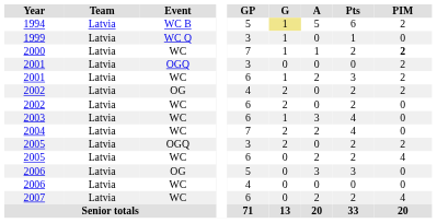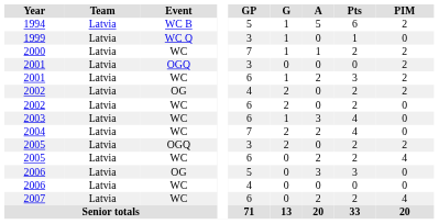 <table border="0" cellpadding="1" cellspacing="0" style="text-align:center; width:40em">
 <tr ALIGN="center" bgcolor="#e0e0e0">
 <th>Year</th>
 <th>Team</th>
 <th>Event</th>
 <th ALIGN="center" rowspan="99" bgcolor="#ffffff"> </th>
 <th>GP</th>
 <th>G</th>
 <th>A</th>
 <th>Pts</th>
 <th>PIM</th>
 </tr>
 <tr>
 <td><a href='#'>1994</a></td>
 <td><a href='#'>Latvia</a></td>
 <td><a href='#'>WC B</a></td>
 <td>5</td>
-<td style="background: khaki;">1</td>
+<td>1</td>
 <td>5</td>
 <td>6</td>
 <td>2</td>
 </tr>
 <tr bgcolor="#f0f0f0">
 <td><a href='#'>1999</a></td>
 <td>Latvia</td>
 <td><a href='#'>WC Q</a></td>
 <td>3</td>
 <td>1</td>
 <td>0</td>
 <td>1</td>
 <td>0</td>
 </tr>
 <tr>
 <td><a href='#'>2000</a></td>
 <td>Latvia</td>
 <td>WC</td>
 <td>7</td>
 <td>1</td>
 <td>1</td>
 <td>2</td>
-<td><strong>2</strong></td>
+<td>2</td>
 </tr>
 <tr bgcolor="#f0f0f0">
 <td><a href='#'>2001</a></td>
 <td>Latvia</td>
 <td><a href='#'>OGQ</a></td>
 <td>3</td>
 <td>0</td>
 <td>0</td>
 <td>0</td>
 <td>2</td>
 </tr>
 <tr>
 <td><a href='#'>2001</a></td>
 <td>Latvia</td>
 <td>WC</td>
 <td>6</td>
 <td>1</td>
 <td>2</td>
 <td>3</td>
 <td>2</td>
 </tr>
 <tr bgcolor="#f0f0f0">
 <td><a href='#'>2002</a></td>
 <td>Latvia</td>
 <td>OG</td>
 <td>4</td>
 <td>2</td>
 <td>0</td>
 <td>2</td>
 <td>2</td>
 </tr>
 <tr>
 <td><a href='#'>2002</a></td>
 <td>Latvia</td>
 <td>WC</td>
 <td>6</td>
 <td>2</td>
 <td>0</td>
 <td>2</td>
 <td>0</td>
 </tr>
 <tr bgcolor="#f0f0f0">
 <td><a href='#'>2003</a></td>
 <td>Latvia</td>
 <td>WC</td>
 <td>6</td>
 <td>1</td>
 <td>3</td>
 <td>4</td>
 <td>0</td>
 </tr>
 <tr>
 <td><a href='#'>2004</a></td>
 <td>Latvia</td>
 <td>WC</td>
 <td>7</td>
 <td>2</td>
 <td>2</td>
 <td>4</td>
 <td>0</td>
 </tr>
 <tr bgcolor="#f0f0f0">
 <td><a href='#'>2005</a></td>
 <td>Latvia</td>
 <td>OGQ</td>
 <td>3</td>
 <td>2</td>
 <td>0</td>
 <td>2</td>
 <td>2</td>
 </tr>
 <tr>
 <td><a href='#'>2005</a></td>
 <td>Latvia</td>
 <td>WC</td>
 <td>6</td>
 <td>0</td>
 <td>2</td>
 <td>2</td>
 <td>4</td>
 </tr>
 <tr bgcolor="#f0f0f0">
 <td><a href='#'>2006</a></td>
 <td>Latvia</td>
 <td>OG</td>
 <td>5</td>
 <td>0</td>
 <td>3</td>
 <td>3</td>
 <td>0</td>
 </tr>
 <tr>
 <td><a href='#'>2006</a></td>
 <td>Latvia</td>
 <td>WC</td>
 <td>4</td>
 <td>0</td>
 <td>0</td>
 <td>0</td>
 <td>0</td>
 </tr>
 <tr bgcolor="#f0f0f0">
 <td><a href='#'>2007</a></td>
 <td>Latvia</td>
 <td>WC</td>
 <td>6</td>
 <td>0</td>
 <td>2</td>
 <td>2</td>
 <td>4</td>
 </tr>
 <tr bgcolor="#e0e0e0">
 <th colspan=3>Senior totals</th>
 <th>71</th>
 <th>13</th>
 <th>20</th>
 <th>33</th>
 <th>20</th>
 </tr>
 </table>
